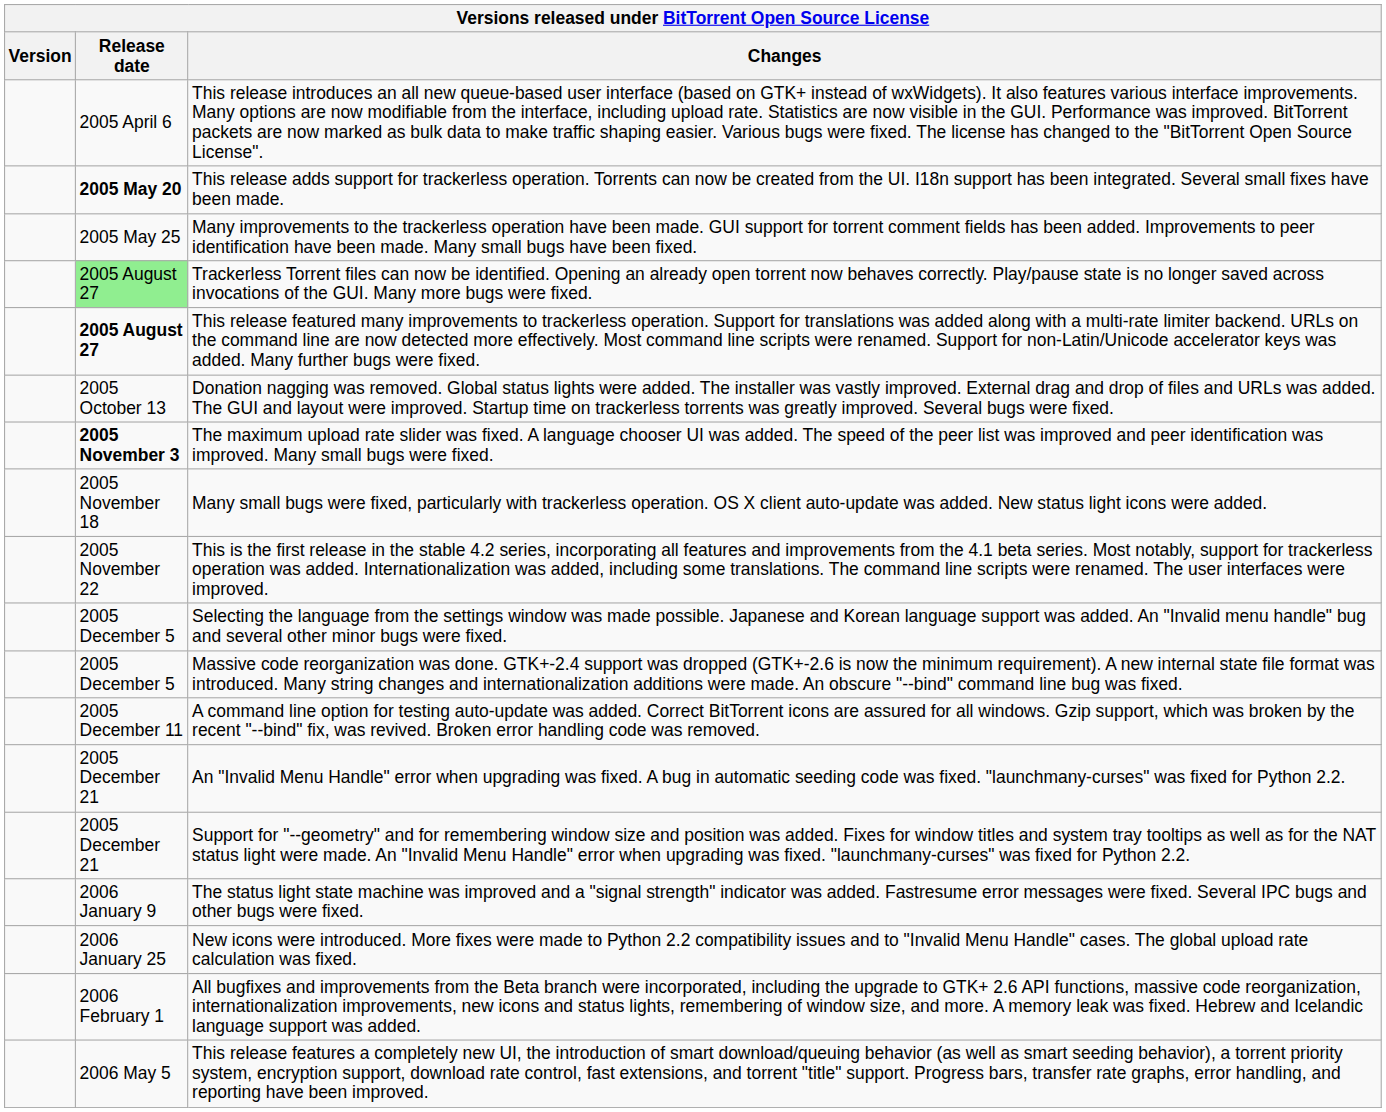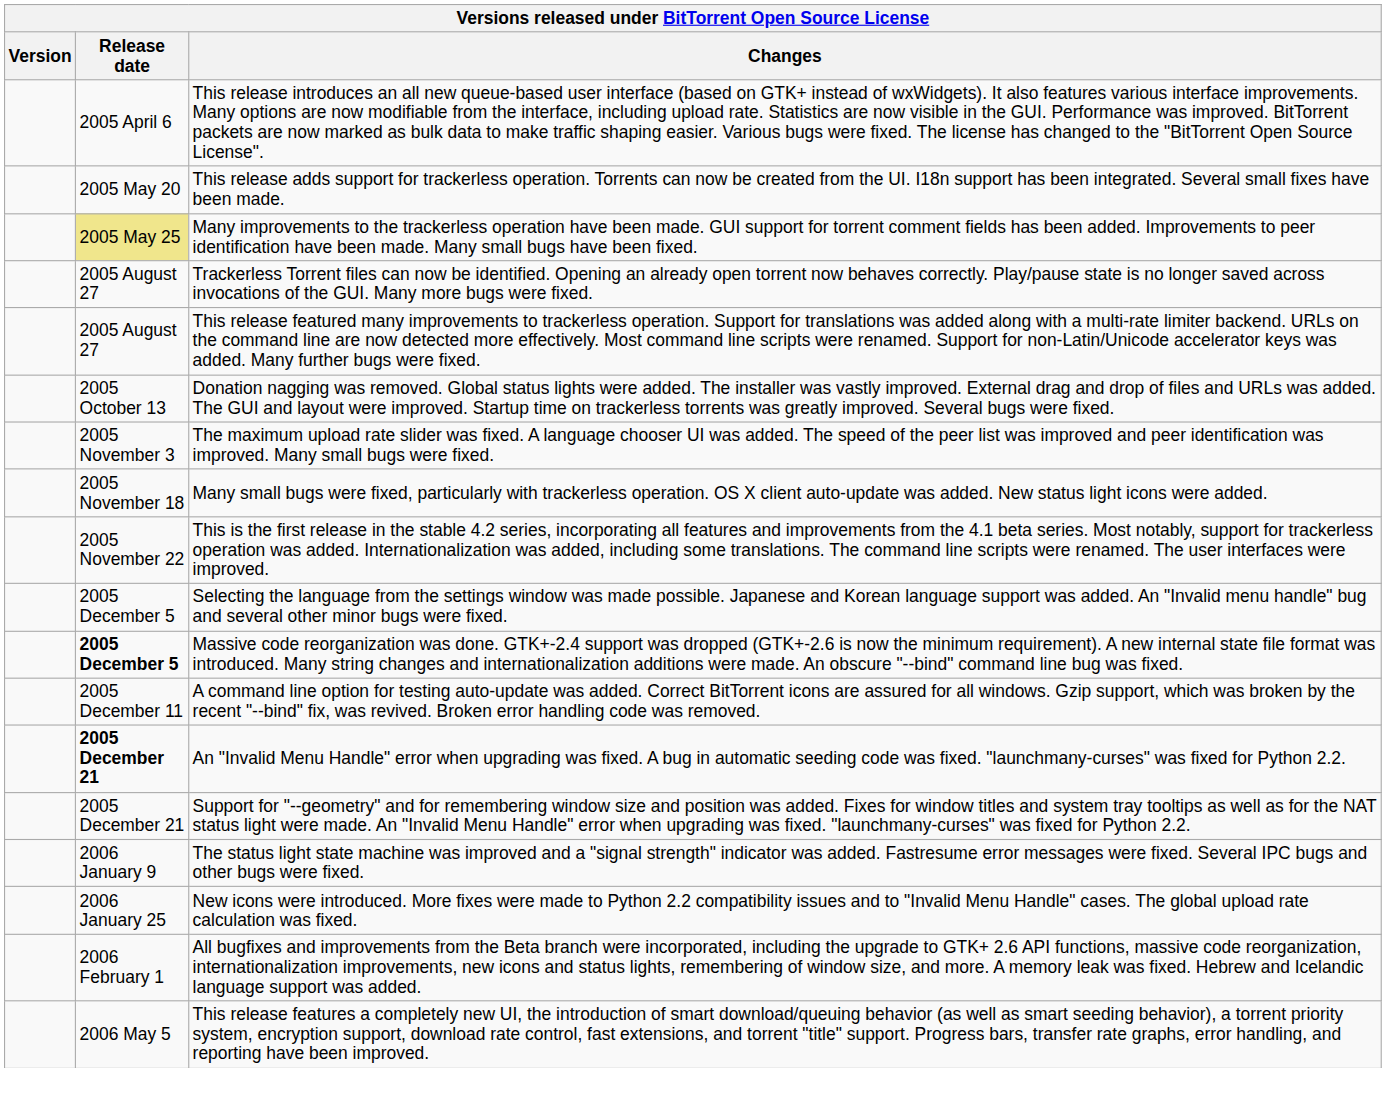 <table class="wikitable collapsible collapsed" style="width:100%">
 <tr>
 <th colspan="3">Versions released under <a href='#'>BitTorrent Open Source License</a></th>
 </tr>
 <tr>
 <th>Version</th>
 <th>Release date</th>
 <th>Changes</th>
 </tr>
 <tr>
 <td></td>
 <td>2005 April 6</td>
 <td>This release introduces an all new queue-based user interface (based on GTK+ instead of wxWidgets). It also features various interface improvements. Many options are now modifiable from the interface, including upload rate. Statistics are now visible in the GUI. Performance was improved. BitTorrent packets are now marked as bulk data to make traffic shaping easier. Various bugs were fixed. The license has changed to the "BitTorrent Open Source License".</td>
 </tr>
 <tr>
 <td></td>
-<td><strong>2005 May 20</strong></td>
+<td>2005 May 20</td>
 <td>This release adds support for trackerless operation. Torrents can now be created from the UI. I18n support has been integrated. Several small fixes have been made.</td>
 </tr>
 <tr>
 <td></td>
-<td>2005 May 25</td>
+<td style="background: khaki;">2005 May 25</td>
 <td>Many improvements to the trackerless operation have been made. GUI support for torrent comment fields has been added. Improvements to peer identification have been made. Many small bugs have been fixed.</td>
 </tr>
 <tr>
 <td></td>
-<td style="background: lightgreen;">2005 August 27</td>
+<td>2005 August 27</td>
 <td>Trackerless Torrent files can now be identified. Opening an already open torrent now behaves correctly. Play/pause state is no longer saved across invocations of the GUI. Many more bugs were fixed.</td>
 </tr>
 <tr>
 <td></td>
-<td><strong>2005 August 27</strong></td>
+<td>2005 August 27</td>
 <td>This release featured many improvements to trackerless operation. Support for translations was added along with a multi-rate limiter backend. URLs on the command line are now detected more effectively. Most command line scripts were renamed. Support for non-Latin/Unicode accelerator keys was added. Many further bugs were fixed.</td>
 </tr>
 <tr>
 <td></td>
 <td>2005 October 13</td>
 <td>Donation nagging was removed. Global status lights were added. The installer was vastly improved. External drag and drop of files and URLs was added. The GUI and layout were improved. Startup time on trackerless torrents was greatly improved. Several bugs were fixed.</td>
 </tr>
 <tr>
 <td></td>
-<td><strong>2005 November 3</strong></td>
+<td>2005 November 3</td>
 <td>The maximum upload rate slider was fixed. A language chooser UI was added. The speed of the peer list was improved and peer identification was improved. Many small bugs were fixed.</td>
 </tr>
 <tr>
 <td></td>
 <td>2005 November 18</td>
 <td>Many small bugs were fixed, particularly with trackerless operation. OS X client auto-update was added. New status light icons were added.</td>
 </tr>
 <tr>
 <td></td>
 <td>2005 November 22</td>
 <td>This is the first release in the stable 4.2 series, incorporating all features and improvements from the 4.1 beta series. Most notably, support for trackerless operation was added. Internationalization was added, including some translations. The command line scripts were renamed. The user interfaces were improved.</td>
 </tr>
 <tr>
 <td></td>
 <td>2005 December 5</td>
 <td>Selecting the language from the settings window was made possible. Japanese and Korean language support was added. An "Invalid menu handle" bug and several other minor bugs were fixed.</td>
 </tr>
 <tr>
 <td></td>
-<td>2005 December 5</td>
+<td><strong>2005 December 5</strong></td>
 <td>Massive code reorganization was done. GTK+-2.4 support was dropped (GTK+-2.6 is now the minimum requirement). A new internal state file format was introduced. Many string changes and internationalization additions were made. An obscure "--bind" command line bug was fixed.</td>
 </tr>
 <tr>
 <td></td>
 <td>2005 December 11</td>
 <td>A command line option for testing auto-update was added. Correct BitTorrent icons are assured for all windows. Gzip support, which was broken by the recent "--bind" fix, was revived. Broken error handling code was removed.</td>
 </tr>
 <tr>
 <td></td>
-<td>2005 December 21</td>
+<td><strong>2005 December 21</strong></td>
 <td>An "Invalid Menu Handle" error when upgrading was fixed. A bug in automatic seeding code was fixed. "launchmany-curses" was fixed for Python 2.2.</td>
 </tr>
 <tr>
 <td></td>
 <td>2005 December 21</td>
 <td>Support for "--geometry" and for remembering window size and position was added. Fixes for window titles and system tray tooltips as well as for the NAT status light were made. An "Invalid Menu Handle" error when upgrading was fixed. "launchmany-curses" was fixed for Python 2.2.</td>
 </tr>
 <tr>
 <td></td>
 <td>2006 January 9</td>
 <td>The status light state machine was improved and a "signal strength" indicator was added. Fastresume error messages were fixed. Several IPC bugs and other bugs were fixed.</td>
 </tr>
 <tr>
 <td></td>
 <td>2006 January 25</td>
 <td>New icons were introduced. More fixes were made to Python 2.2 compatibility issues and to "Invalid Menu Handle" cases. The global upload rate calculation was fixed.</td>
 </tr>
 <tr>
 <td></td>
 <td>2006 February 1</td>
 <td>All bugfixes and improvements from the Beta branch were incorporated, including the upgrade to GTK+ 2.6 API functions, massive code reorganization, internationalization improvements, new icons and status lights, remembering of window size, and more. A memory leak was fixed. Hebrew and Icelandic language support was added.</td>
 </tr>
 <tr>
 <td></td>
 <td>2006 May 5</td>
 <td>This release features a completely new UI, the introduction of smart download/queuing behavior (as well as smart seeding behavior), a torrent priority system, encryption support, download rate control, fast extensions, and torrent "title" support. Progress bars, transfer rate graphs, error handling, and reporting have been improved.</td>
 </tr>
 </table>
